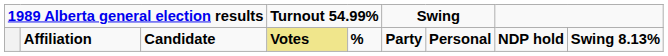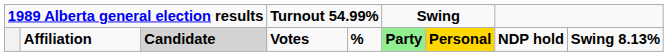 <table class="wikitable">
 <tr>
 <td colspan="3" align=center><strong><a href='#'>1989 Alberta general election</a> results</strong></td>
 <td colspan="2"><strong>Turnout 54.99%</strong></td>
 <td colspan="2" align=center><strong>Swing</strong></td>
 </tr>
 <tr>
 <th style="width: 10px;"></th>
 <td><strong>Affiliation</strong></td>
-<td><strong>Candidate</strong></td>
-<td style="background: khaki;"><strong>Votes</strong></td>
+<td style="background: lightgrey;"><strong>Candidate</strong></td>
+<td><strong>Votes</strong></td>
 <td><strong>%</strong></td>
-<td><strong>Party</strong></td>
-<td><strong>Personal</strong><br>      </td>
+<td style="background: lightgreen;"><strong>Party</strong></td>
+<td style="background: gold;"><strong>Personal</strong><br>      </td>
 <td colspan=4><strong>NDP hold</strong></td>
 <td colspan=2><strong>Swing 8.13%</strong></td>
 </tr>
 </table>
